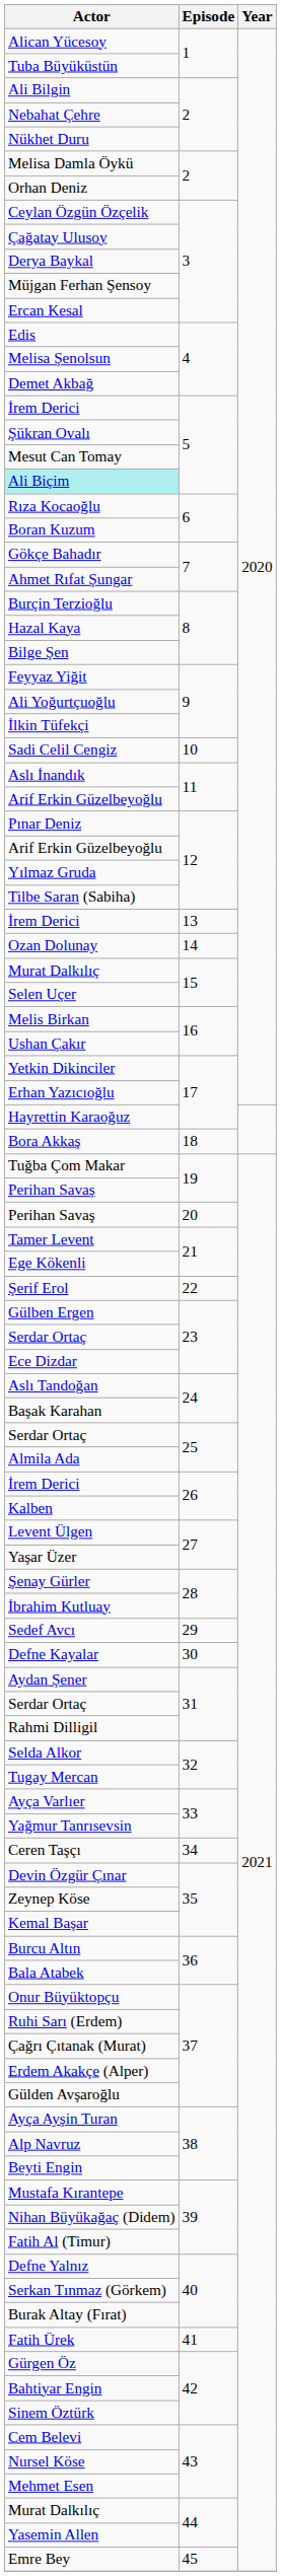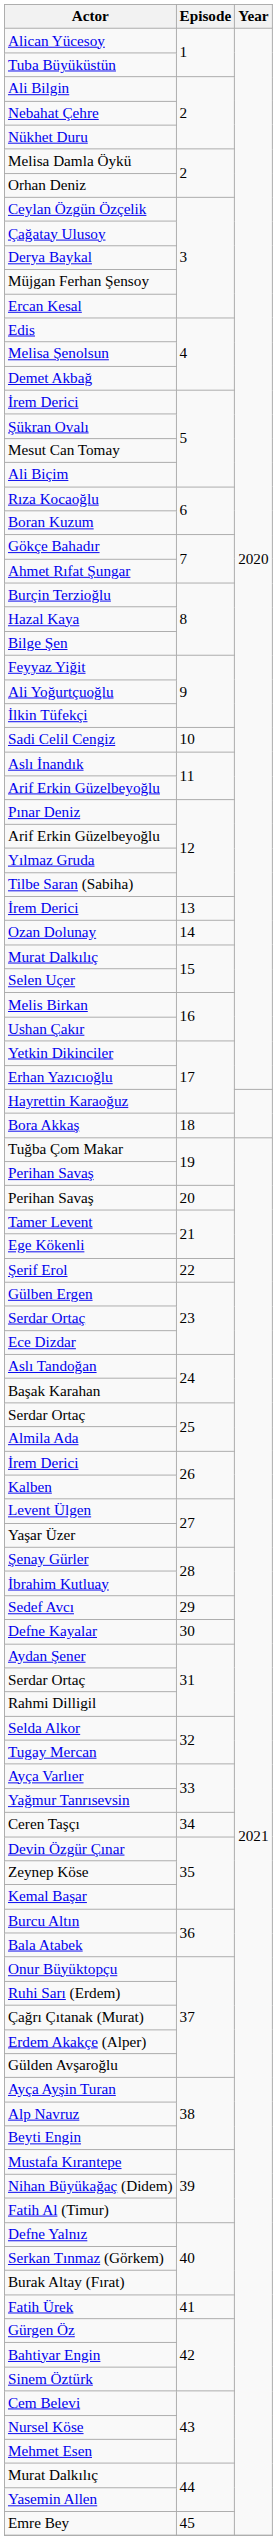 <table class="wikitable sortable mw-collapsible mw-collapsed">
 <tr>
 <th>Actor</th>
 <th>Episode</th>
 <th>Year</th>
 </tr>
 <tr>
 <td><a href='#'>Alican Yücesoy</a></td>
 <td rowspan="2">1</td>
 <td rowspan="44">2020</td>
 </tr>
 <tr>
 <td><a href='#'>Tuba Büyüküstün</a></td>
 </tr>
 <tr>
 <td><a href='#'>Ali Bilgin</a></td>
 <td rowspan="3">2</td>
 </tr>
 <tr>
 <td><a href='#'>Nebahat Çehre</a></td>
 </tr>
 <tr>
 <td><a href='#'>Nükhet Duru</a></td>
 </tr>
 <tr>
 <td>Melisa Damla Öykü</td>
 <td rowspan="2">2</td>
 </tr>
 <tr>
 <td>Orhan Deniz</td>
 </tr>
 <tr>
 <td><a href='#'>Ceylan Özgün Özçelik</a></td>
 <td rowspan="5">3</td>
 </tr>
 <tr>
 <td><a href='#'>Çağatay Ulusoy</a></td>
 </tr>
 <tr>
 <td><a href='#'>Derya Baykal</a></td>
 </tr>
 <tr>
 <td>Müjgan Ferhan Şensoy</td>
 </tr>
 <tr>
 <td><a href='#'>Ercan Kesal</a></td>
 </tr>
 <tr>
 <td><a href='#'>Edis</a></td>
 <td rowspan="3">4</td>
 </tr>
 <tr>
 <td><a href='#'>Melisa Şenolsun</a></td>
 </tr>
 <tr>
 <td><a href='#'>Demet Akbağ</a></td>
 </tr>
 <tr>
 <td><a href='#'>İrem Derici</a></td>
 <td rowspan="4">5</td>
 </tr>
 <tr>
 <td><a href='#'>Şükran Ovalı</a></td>
 </tr>
 <tr>
 <td>Mesut Can Tomay</td>
 </tr>
 <tr>
-<td style="background: paleturquoise;"><a href='#'>Ali Biçim</a></td>
+<td><a href='#'>Ali Biçim</a></td>
 </tr>
 <tr>
 <td><a href='#'>Rıza Kocaoğlu</a></td>
 <td rowspan="2">6</td>
 </tr>
 <tr>
 <td><a href='#'>Boran Kuzum</a></td>
 </tr>
 <tr>
 <td><a href='#'>Gökçe Bahadır</a></td>
 <td rowspan="2">7</td>
 </tr>
 <tr>
 <td><a href='#'>Ahmet Rıfat Şungar</a></td>
 </tr>
 <tr>
 <td><a href='#'>Burçin Terzioğlu</a></td>
 <td rowspan="3">8</td>
 </tr>
 <tr>
 <td><a href='#'>Hazal Kaya</a></td>
 </tr>
 <tr>
 <td><a href='#'>Bilge Şen</a></td>
 </tr>
 <tr>
 <td><a href='#'>Feyyaz Yiğit</a></td>
 <td rowspan="3">9</td>
 </tr>
 <tr>
 <td><a href='#'>Ali Yoğurtçuoğlu</a></td>
 </tr>
 <tr>
 <td><a href='#'>İlkin Tüfekçi</a></td>
 </tr>
 <tr>
 <td><a href='#'>Sadi Celil Cengiz</a></td>
 <td rowspan="1">10</td>
 </tr>
 <tr>
 <td><a href='#'>Aslı İnandık</a></td>
 <td rowspan="2">11</td>
 </tr>
 <tr>
 <td><a href='#'>Arif Erkin Güzelbeyoğlu</a></td>
 </tr>
 <tr>
 <td><a href='#'>Pınar Deniz</a></td>
 <td rowspan="4">12</td>
 </tr>
 <tr>
 <td>Arif Erkin Güzelbeyoğlu</td>
 </tr>
 <tr>
 <td><a href='#'>Yılmaz Gruda</a></td>
 </tr>
 <tr>
 <td><a href='#'>Tilbe Saran</a> (Sabiha)</td>
 </tr>
 <tr>
 <td><a href='#'>İrem Derici</a></td>
 <td rowspan="1">13</td>
 </tr>
 <tr>
 <td><a href='#'>Ozan Dolunay</a></td>
 <td rowspan="1">14</td>
 </tr>
 <tr>
 <td><a href='#'>Murat Dalkılıç</a></td>
 <td rowspan="2">15</td>
 </tr>
 <tr>
 <td><a href='#'>Selen Uçer</a></td>
 </tr>
 <tr>
 <td><a href='#'>Melis Birkan</a></td>
 <td rowspan="2">16</td>
 </tr>
 <tr>
 <td><a href='#'>Ushan Çakır</a></td>
 </tr>
 <tr>
 <td><a href='#'>Yetkin Dikinciler</a></td>
 <td rowspan="3">17</td>
 </tr>
 <tr>
 <td><a href='#'>Erhan Yazıcıoğlu</a></td>
 </tr>
 <tr>
 <td><a href='#'>Hayrettin Karaoğuz</a></td>
 </tr>
 <tr>
 <td><a href='#'>Bora Akkaş</a></td>
 <td rowspan="1">18</td>
 </tr>
 <tr>
 <td>Tuğba Çom Makar</td>
 <td rowspan="2">19</td>
 <td rowspan="58">2021</td>
 </tr>
 <tr>
 <td><a href='#'>Perihan Savaş</a></td>
 </tr>
 <tr>
 <td>Perihan Savaş</td>
 <td rowspan="1">20</td>
 </tr>
 <tr>
 <td><a href='#'>Tamer Levent</a></td>
 <td rowspan="2">21</td>
 </tr>
 <tr>
 <td><a href='#'>Ege Kökenli</a></td>
 </tr>
 <tr>
 <td><a href='#'>Şerif Erol</a></td>
 <td rowspan="1">22</td>
 </tr>
 <tr>
 <td><a href='#'>Gülben Ergen</a></td>
 <td rowspan="3">23</td>
 </tr>
 <tr>
 <td><a href='#'>Serdar Ortaç</a></td>
 </tr>
 <tr>
 <td><a href='#'>Ece Dizdar</a></td>
 </tr>
 <tr>
 <td><a href='#'>Aslı Tandoğan</a></td>
 <td rowspan="2">24</td>
 </tr>
 <tr>
 <td>Başak Karahan</td>
 </tr>
 <tr>
 <td>Serdar Ortaç</td>
 <td rowspan="2">25</td>
 </tr>
 <tr>
 <td><a href='#'>Almila Ada</a></td>
 </tr>
 <tr>
 <td><a href='#'>İrem Derici</a></td>
 <td rowspan="2">26</td>
 </tr>
 <tr>
 <td><a href='#'>Kalben</a></td>
 </tr>
 <tr>
 <td><a href='#'>Levent Ülgen</a></td>
 <td rowspan="2">27</td>
 </tr>
 <tr>
 <td>Yaşar Üzer</td>
 </tr>
 <tr>
 <td><a href='#'>Şenay Gürler</a></td>
 <td rowspan="2">28</td>
 </tr>
 <tr>
 <td><a href='#'>İbrahim Kutluay</a></td>
 </tr>
 <tr>
 <td><a href='#'>Sedef Avcı</a></td>
 <td rowspan="1">29</td>
 </tr>
 <tr>
 <td><a href='#'>Defne Kayalar</a></td>
 <td rowspan="1">30</td>
 </tr>
 <tr>
 <td><a href='#'>Aydan Şener</a></td>
 <td rowspan="3">31</td>
 </tr>
 <tr>
 <td>Serdar Ortaç</td>
 </tr>
 <tr>
 <td>Rahmi Dilligil</td>
 </tr>
 <tr>
 <td><a href='#'>Selda Alkor</a></td>
 <td rowspan="2">32</td>
 </tr>
 <tr>
 <td><a href='#'>Tugay Mercan</a></td>
 </tr>
 <tr>
 <td><a href='#'>Ayça Varlıer</a></td>
 <td rowspan="2">33</td>
 </tr>
 <tr>
 <td><a href='#'>Yağmur Tanrısevsin</a></td>
 </tr>
 <tr>
 <td>Ceren Taşçı</td>
 <td rowspan="1">34</td>
 </tr>
 <tr>
 <td><a href='#'>Devin Özgür Çınar</a></td>
 <td rowspan="3">35</td>
 </tr>
 <tr>
 <td>Zeynep Köse</td>
 </tr>
 <tr>
 <td><a href='#'>Kemal Başar</a></td>
 </tr>
 <tr>
 <td><a href='#'>Burcu Altın</a></td>
 <td rowspan="2">36</td>
 </tr>
 <tr>
 <td><a href='#'>Bala Atabek</a></td>
 </tr>
 <tr>
 <td><a href='#'>Onur Büyüktopçu</a></td>
 <td rowspan="5">37</td>
 </tr>
 <tr>
 <td><a href='#'>Ruhi Sarı</a> (Erdem)</td>
 </tr>
 <tr>
 <td>Çağrı Çıtanak (Murat)</td>
 </tr>
 <tr>
 <td><a href='#'>Erdem Akakçe</a> (Alper)</td>
 </tr>
 <tr>
 <td>Gülden Avşaroğlu</td>
 </tr>
 <tr>
 <td><a href='#'>Ayça Ayşin Turan</a></td>
 <td rowspan="3">38</td>
 </tr>
 <tr>
 <td><a href='#'>Alp Navruz</a></td>
 </tr>
 <tr>
 <td><a href='#'>Beyti Engin</a></td>
 </tr>
 <tr>
 <td><a href='#'>Mustafa Kırantepe</a></td>
 <td rowspan="3">39</td>
 </tr>
 <tr>
 <td><a href='#'>Nihan Büyükağaç</a> (Didem)</td>
 </tr>
 <tr>
 <td><a href='#'>Fatih Al</a> (Timur)</td>
 </tr>
 <tr>
 <td><a href='#'>Defne Yalnız</a></td>
 <td rowspan="3">40</td>
 </tr>
 <tr>
 <td><a href='#'>Serkan Tınmaz</a> (Görkem)</td>
 </tr>
 <tr>
 <td>Burak Altay (Fırat)</td>
 </tr>
 <tr>
 <td><a href='#'>Fatih Ürek</a></td>
 <td rowspan="1">41</td>
 </tr>
 <tr>
 <td><a href='#'>Gürgen Öz</a></td>
 <td rowspan="3">42</td>
 </tr>
 <tr>
 <td><a href='#'>Bahtiyar Engin</a></td>
 </tr>
 <tr>
 <td><a href='#'>Sinem Öztürk</a></td>
 </tr>
 <tr>
 <td><a href='#'>Cem Belevi</a></td>
 <td rowspan="3">43</td>
 </tr>
 <tr>
 <td><a href='#'>Nursel Köse</a></td>
 </tr>
 <tr>
 <td><a href='#'>Mehmet Esen</a></td>
 </tr>
 <tr>
 <td>Murat Dalkılıç</td>
 <td rowspan="2">44</td>
 </tr>
 <tr>
 <td><a href='#'>Yasemin Allen</a></td>
 </tr>
 <tr>
 <td>Emre Bey</td>
 <td rowspan="1">45</td>
 </tr>
 <tr>
 </tr>
 </table>
